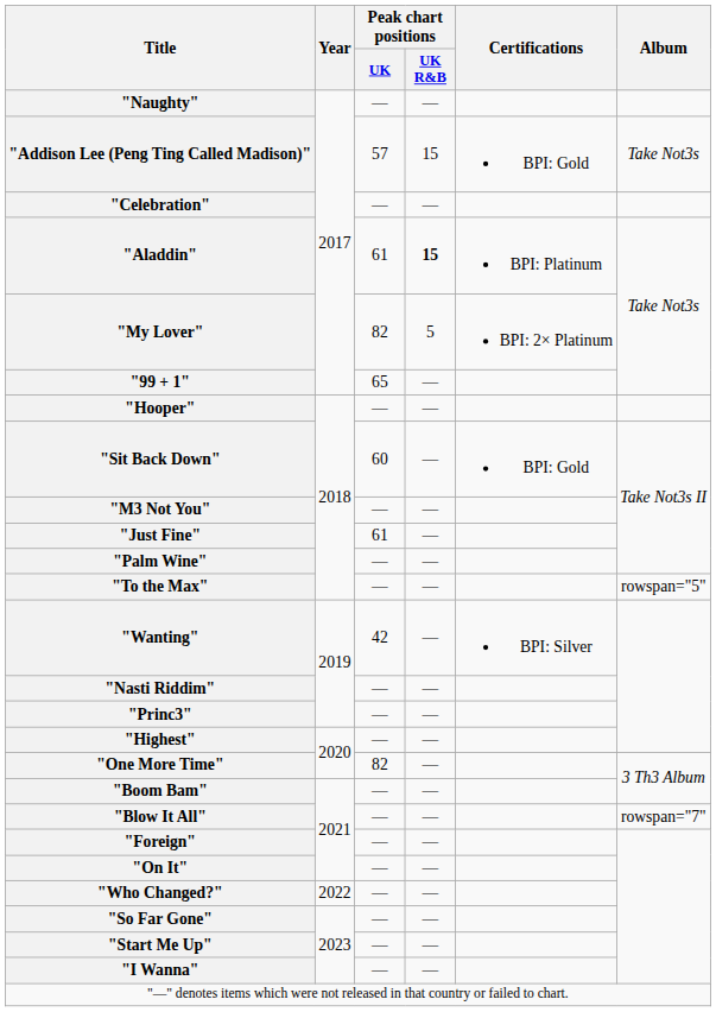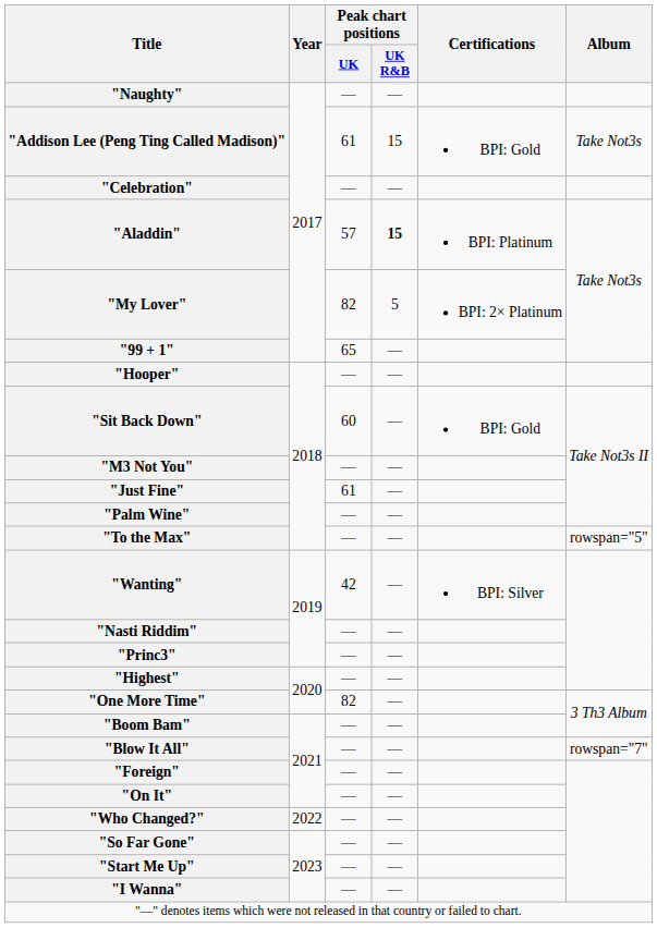 <table class="wikitable plainrowheaders" style="text-align:center;">
 <tr>
 <th scope="col" rowspan="2">Title</th>
 <th scope="col" rowspan="2">Year</th>
 <th scope="col" colspan="2">Peak chart positions</th>
 <th scope="col" rowspan="2">Certifications</th>
 <th scope="col" rowspan="2">Album</th>
 </tr>
 <tr>
 <th scope="col" style="width:3em;font-size:90%;"><a href='#'>UK</a><br></th>
 <th scope="col" style="width:3em;font-size:90%;"><a href='#'>UK<br>R&B</a><br></th>
 </tr>
 <tr>
 <th scope="row">"Naughty"<br></th>
 <td rowspan="6">2017</td>
 <td>—</td>
 <td>—</td>
 <td></td>
 <td></td>
 </tr>
 <tr>
 <th scope="row">"Addison Lee (Peng Ting Called Madison)"</th>
-<td>57</td>
+<td>61</td>
 <td>15</td>
 <td><br><ul><li>BPI: Gold</li></ul></td>
 <td><em>Take Not3s</em></td>
 </tr>
 <tr>
 <th scope="row">"Celebration"<br></th>
 <td>—</td>
 <td>—</td>
 <td></td>
 <td></td>
 </tr>
 <tr>
 <th scope="row">"Aladdin"</th>
-<td>61</td>
+<td>57</td>
 <td><strong>15</strong></td>
 <td><br><ul><li>BPI: Platinum</li></ul></td>
 <td rowspan="3"><em>Take Not3s</em></td>
 </tr>
 <tr>
 <th scope="row">"My Lover"</th>
 <td>82</td>
 <td>5</td>
 <td><br><ul><li>BPI: 2× Platinum</li></ul></td>
 </tr>
 <tr>
 <th scope="row">"99 + 1"<br></th>
 <td>65</td>
 <td>—</td>
 <td></td>
 </tr>
 <tr>
 <th scope="row">"Hooper"<br></th>
 <td rowspan="6">2018</td>
 <td>—</td>
 <td>—</td>
 <td></td>
 <td></td>
 </tr>
 <tr>
 <th scope="row">"Sit Back Down"<br></th>
 <td>60</td>
 <td>—</td>
 <td><br><ul><li>BPI: Gold</li></ul></td>
 <td rowspan="4"><em>Take Not3s II</em></td>
 </tr>
 <tr>
 <th scope="row">"M3 Not You"</th>
 <td>—</td>
 <td>—</td>
 <td></td>
 </tr>
 <tr>
 <th scope="row">"Just Fine"</th>
 <td>61</td>
 <td>—</td>
 <td></td>
 </tr>
 <tr>
 <th scope="row">"Palm Wine"</th>
 <td>—</td>
 <td>—</td>
 <td></td>
 </tr>
 <tr>
 <th scope="row">"To the Max"<br></th>
 <td>—</td>
 <td>—</td>
 <td></td>
 <td>rowspan="5" </td>
 </tr>
 <tr>
 <th scope="row">"Wanting"</th>
 <td rowspan="3">2019</td>
 <td>42</td>
 <td>—</td>
 <td><br><ul><li>BPI: Silver</li></ul></td>
 </tr>
 <tr>
 <th scope="row">"Nasti Riddim"<br></th>
 <td>—</td>
 <td>—</td>
 <td></td>
 </tr>
 <tr>
 <th scope="row">"Princ3"</th>
 <td>—</td>
 <td>—</td>
 <td></td>
 </tr>
 <tr>
 <th scope="row">"Highest"</th>
 <td rowspan="2">2020</td>
 <td>—</td>
 <td>—</td>
 <td></td>
 </tr>
 <tr>
 <th scope="row">"One More Time"<br></th>
 <td>82</td>
 <td>—</td>
 <td></td>
 <td rowspan="2"><em>3 Th3 Album</em></td>
 </tr>
 <tr>
 <th scope="row">"Boom Bam"<br></th>
 <td rowspan="4">2021</td>
 <td>—</td>
 <td>—</td>
 <td></td>
 </tr>
 <tr>
 <th scope="row">"Blow It All"<br></th>
 <td>—</td>
 <td>—</td>
 <td></td>
 <td>rowspan="7" </td>
 </tr>
 <tr>
 <th scope="row">"Foreign"<br></th>
 <td>—</td>
 <td>—</td>
 <td></td>
 </tr>
 <tr>
 <th scope="row">"On It"<br></th>
 <td>—</td>
 <td>—</td>
 <td></td>
 </tr>
 <tr>
 <th scope="row">"Who Changed?"</th>
 <td>2022</td>
 <td>—</td>
 <td>—</td>
 <td></td>
 </tr>
 <tr>
 <th scope="row">"So Far Gone"<br></th>
 <td rowspan="3">2023</td>
 <td>—</td>
 <td>—</td>
 <td></td>
 </tr>
 <tr>
 <th scope="row">"Start Me Up"</th>
 <td>—</td>
 <td>—</td>
 <td></td>
 </tr>
 <tr>
 <th scope="row">"I Wanna"<br></th>
 <td>—</td>
 <td>—</td>
 <td></td>
 </tr>
 <tr>
 <td colspan="10" style="font-size:85%;">"—" denotes items which were not released in that country or failed to chart.</td>
 </tr>
 </table>
